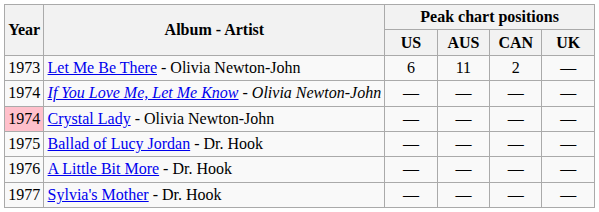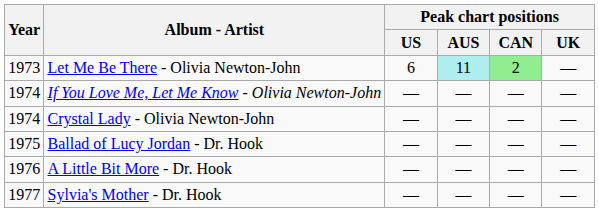 <table class="wikitable">
 <tr>
 <th rowspan="2">Year</th>
 <th rowspan="2">Album - Artist</th>
 <th colspan="4">Peak chart positions</th>
 </tr>
 <tr>
 <th style="width:45px;">US</th>
 <th style="width:45px;">AUS</th>
 <th style="width:45px;">CAN</th>
 <th style="width:45px;">UK</th>
 </tr>
 <tr>
 <td>1973</td>
 <td><a href='#'>Let Me Be There</a> - Olivia Newton-John</td>
 <td style="text-align:center;">6</td>
-<td style="text-align:center;">11</td>
-<td style="text-align:center;">2</td>
+<td style="background: paleturquoise; text-align:center;">11</td>
+<td style="background: lightgreen; text-align:center;">2</td>
 <td style="text-align:center;">—</td>
 </tr>
 <tr>
 <td>1974</td>
 <td><em><a href='#'>If You Love Me, Let Me Know</a> - Olivia Newton-John</em></td>
 <td style="text-align:center;">—</td>
 <td style="text-align:center;">—</td>
 <td style="text-align:center;">—</td>
 <td style="text-align:center;">—</td>
 </tr>
 <tr>
-<td style="background: pink;">1974</td>
+<td>1974</td>
 <td><a href='#'>Crystal Lady</a> - Olivia Newton-John</td>
 <td style="text-align:center;">—</td>
 <td style="text-align:center;">—</td>
 <td style="text-align:center;">—</td>
 <td style="text-align:center;">—</td>
 </tr>
 <tr>
 <td>1975</td>
 <td><a href='#'>Ballad of Lucy Jordan</a> - Dr. Hook</td>
 <td style="text-align:center;">—</td>
 <td style="text-align:center;">—</td>
 <td style="text-align:center;">—</td>
 <td style="text-align:center;">—</td>
 </tr>
 <tr>
 <td>1976</td>
 <td><a href='#'>A Little Bit More</a> - Dr. Hook</td>
 <td style="text-align:center;">—</td>
 <td style="text-align:center;">—</td>
 <td style="text-align:center;">—</td>
 <td style="text-align:center;">—</td>
 </tr>
 <tr>
 <td>1977</td>
 <td><a href='#'>Sylvia's Mother</a> - Dr. Hook</td>
 <td style="text-align:center;">—</td>
 <td style="text-align:center;">—</td>
 <td style="text-align:center;">—</td>
 <td style="text-align:center;">—</td>
 </tr>
 </table>
